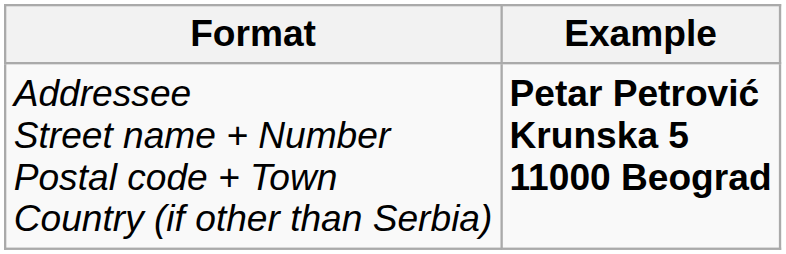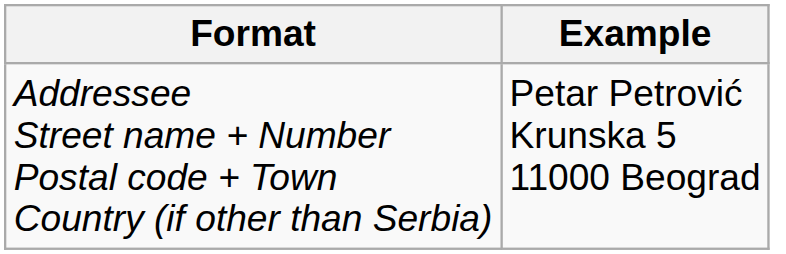 <table class="wikitable">
 <tr>
 <th>Format</th>
 <th>Example</th>
 </tr>
 <tr>
 <td><em>Addressee</em> <br> <em>Street name + Number</em> <br> <em>Postal code + Town</em> <br> <em>Country (if other than Serbia)</em></td>
-<td><strong>Petar Petrović <br> Krunska 5 <br> 11000 Beograd <br>  </strong></td>
+<td>Petar Petrović <br> Krunska 5 <br> 11000 Beograd <br>  </td>
 </tr>
 </table>
